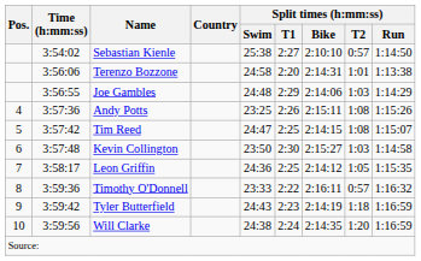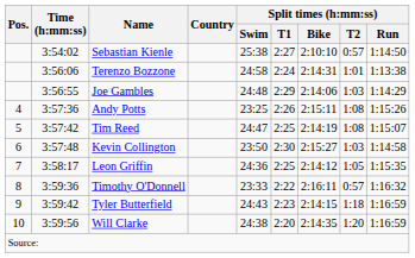 <table class="wikitable" style="text-align:center">
 <tr>
 <th rowspan="2">Pos.</th>
 <th rowspan="2">Time<br>(h:mm:ss)</th>
 <th rowspan="2">Name</th>
 <th rowspan="2">Country</th>
 <th colspan="5">Split times (h:mm:ss)</th>
 </tr>
 <tr>
 <th>Swim</th>
 <th>T1</th>
 <th>Bike</th>
 <th>T2</th>
 <th>Run</th>
 </tr>
 <tr>
 <td></td>
 <td>3:54:02</td>
 <td align="left"><a href='#'>Sebastian Kienle</a></td>
 <td align="left"></td>
 <td>25:38</td>
 <td>2:27</td>
 <td>2:10:10</td>
 <td>0:57</td>
 <td>1:14:50</td>
 </tr>
 <tr>
 <td></td>
 <td>3:56:06</td>
 <td align="left"><a href='#'>Terenzo Bozzone</a></td>
 <td align="left"></td>
 <td>24:58</td>
-<td>2:20</td>
+<td>2:24</td>
 <td>2:14:31</td>
 <td>1:01</td>
 <td>1:13:38</td>
 </tr>
 <tr>
 <td></td>
 <td>3:56:55</td>
 <td align="left"><a href='#'>Joe Gambles</a></td>
 <td align="left"></td>
 <td>24:48</td>
 <td>2:29</td>
 <td>2:14:06</td>
 <td>1:03</td>
 <td>1:14:29</td>
 </tr>
 <tr>
 <td>4</td>
 <td>3:57:36</td>
 <td align="left"><a href='#'>Andy Potts</a></td>
 <td align="left"></td>
 <td>23:25</td>
 <td>2:26</td>
 <td>2:15:11</td>
 <td>1:08</td>
 <td>1:15:26</td>
 </tr>
 <tr>
 <td>5</td>
 <td>3:57:42</td>
 <td align="left"><a href='#'>Tim Reed</a></td>
 <td align="left"></td>
 <td>24:47</td>
 <td>2:25</td>
-<td>2:14:15</td>
+<td>2:14:19</td>
 <td>1:08</td>
 <td>1:15:07</td>
 </tr>
 <tr>
 <td>6</td>
 <td>3:57:48</td>
 <td align="left"><a href='#'>Kevin Collington</a></td>
 <td align="left"></td>
 <td>23:50</td>
 <td>2:30</td>
 <td>2:15:27</td>
 <td>1:03</td>
 <td>1:14:58</td>
 </tr>
 <tr>
 <td>7</td>
 <td>3:58:17</td>
 <td align="left"><a href='#'>Leon Griffin</a></td>
 <td align="left"></td>
 <td>24:36</td>
 <td>2:25</td>
 <td>2:14:12</td>
 <td>1:05</td>
 <td>1:15:35</td>
 </tr>
 <tr>
 <td>8</td>
 <td>3:59:36</td>
 <td align="left"><a href='#'>Timothy O'Donnell</a></td>
 <td align="left"></td>
 <td>23:33</td>
 <td>2:22</td>
 <td>2:16:11</td>
 <td>0:57</td>
 <td>1:16:32</td>
 </tr>
 <tr>
 <td>9</td>
 <td>3:59:42</td>
 <td align="left"><a href='#'>Tyler Butterfield</a></td>
 <td align="left"></td>
 <td>24:43</td>
 <td>2:23</td>
-<td>2:14:19</td>
+<td>2:14:15</td>
 <td>1:18</td>
 <td>1:16:59</td>
 </tr>
 <tr>
 <td>10</td>
 <td>3:59:56</td>
 <td align="left"><a href='#'>Will Clarke</a></td>
 <td align="left"></td>
 <td>24:38</td>
-<td>2:24</td>
+<td>2:20</td>
 <td>2:14:35</td>
 <td>1:20</td>
 <td>1:16:59</td>
 </tr>
 <tr>
 <td colspan="9" align="left"><small>Source:</small></td>
 </tr>
 </table>
